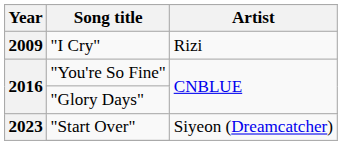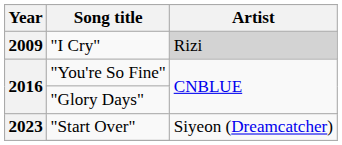 <table class="wikitable sortable plainrowheaders">
 <tr>
 <th scope="col">Year</th>
 <th scope="col">Song title</th>
 <th scope="col">Artist</th>
 </tr>
 <tr>
 <th scope="row">2009</th>
 <td>"I Cry"</td>
-<td>Rizi</td>
+<td style="background: lightgrey;">Rizi</td>
 </tr>
 <tr>
 <th scope="row" rowspan="2">2016</th>
 <td>"You're So Fine"</td>
 <td rowspan="2"><a href='#'>CNBLUE</a></td>
 </tr>
 <tr>
 <td>"Glory Days"</td>
 </tr>
 <tr>
 <th scope="row" rowspan="3">2023</th>
 <td>"Start Over"</td>
 <td rowspan="3">Siyeon (<a href='#'>Dreamcatcher</a>)</td>
 </tr>
 <tr>
 </tr>
 </table>
